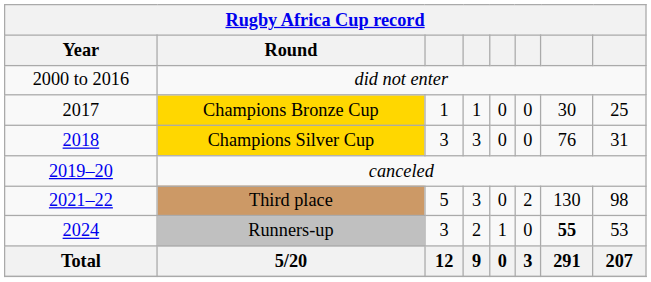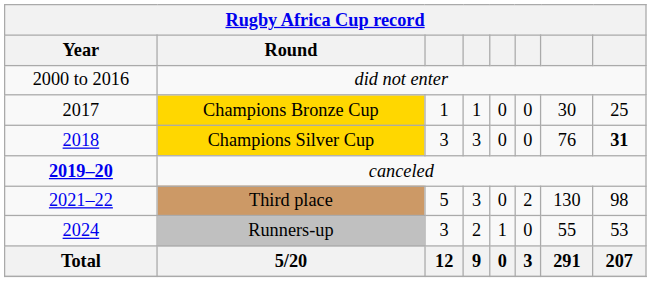 <table class="wikitable" style="font-size:90%; width: 40%; text-align: center;">
 <tr>
 <th colspan=8><a href='#'>Rugby Africa Cup record</a></th>
 </tr>
 <tr>
 <th>Year</th>
 <th>Round</th>
 <th></th>
 <th></th>
 <th></th>
 <th></th>
 <th></th>
 <th></th>
 </tr>
 <tr>
 <td>2000 to 2016</td>
 <td colspan="7"><em>did not enter</em></td>
 </tr>
 <tr>
 <td>2017</td>
 <td bgcolor=gold>Champions Bronze Cup</td>
 <td>1</td>
 <td>1</td>
 <td>0</td>
 <td>0</td>
 <td>30</td>
 <td>25</td>
 </tr>
 <tr>
 <td><a href='#'>2018</a></td>
 <td bgcolor=gold>Champions Silver Cup</td>
 <td>3</td>
 <td>3</td>
 <td>0</td>
 <td>0</td>
 <td>76</td>
-<td>31</td>
+<td><strong>31</strong></td>
 </tr>
 <tr>
-<td><a href='#'>2019–20</a></td>
+<td><strong><a href='#'>2019–20</a></strong></td>
 <td colspan=7><em>canceled</em></td>
 </tr>
 <tr>
 <td><a href='#'>2021–22</a></td>
 <td bgcolor=#c96>Third place</td>
 <td>5</td>
 <td>3</td>
 <td>0</td>
 <td>2</td>
 <td>130</td>
 <td>98</td>
 </tr>
 <tr>
 <td><a href='#'>2024</a></td>
 <td bgcolor=silver>Runners-up</td>
 <td>3</td>
 <td>2</td>
 <td>1</td>
 <td>0</td>
-<td><strong>55</strong></td>
+<td>55</td>
 <td>53</td>
 </tr>
 <tr>
 <th>Total</th>
 <th>5/20</th>
 <th>12</th>
 <th>9</th>
 <th>0</th>
 <th>3</th>
 <th>291</th>
 <th>207</th>
 </tr>
 <tr>
 </tr>
 </table>
